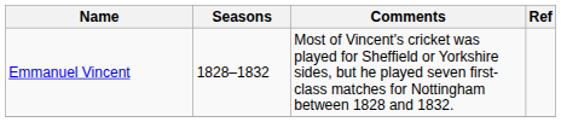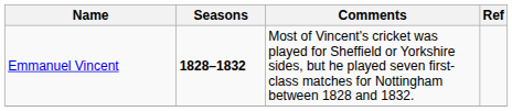 <table class="wikitable">
 <tr>
 <th style="width:200px">Name</th>
 <th style="width: 100px">Seasons</th>
 <th>Comments</th>
 <th>Ref</th>
 </tr>
 <tr>
 <td><a href='#'>Emmanuel Vincent</a></td>
-<td>1828–1832</td>
+<td><strong>1828–1832</strong></td>
 <td>Most of Vincent's cricket was played for Sheffield or Yorkshire sides, but he played seven first-class matches for Nottingham between 1828 and 1832.</td>
 <td></td>
 </tr>
 <tr>
 </tr>
 </table>
